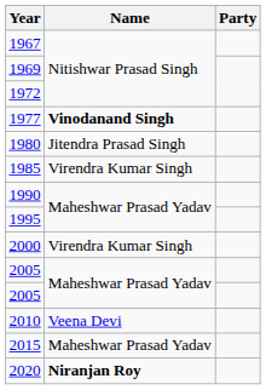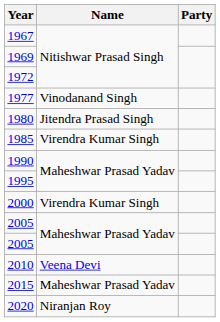 <table class="wikitable sortable">
 <tr>
 <th>Year</th>
 <th>Name</th>
 <th colspan="2">Party</th>
 </tr>
 <tr>
 <td><a href='#'>1967</a></td>
 <td rowspan="3">Nitishwar Prasad Singh</td>
 <td></td>
 </tr>
 <tr>
 <td><a href='#'>1969</a></td>
 </tr>
 <tr>
 <td><a href='#'>1972</a></td>
 </tr>
 <tr>
 <td><a href='#'>1977</a></td>
-<td><strong>Vinodanand Singh</strong></td>
+<td>Vinodanand Singh</td>
 <td></td>
 </tr>
 <tr>
 <td><a href='#'>1980</a></td>
 <td>Jitendra Prasad Singh</td>
 <td></td>
 </tr>
 <tr>
 <td><a href='#'>1985</a></td>
 <td>Virendra Kumar Singh</td>
 <td></td>
 </tr>
 <tr>
 <td><a href='#'>1990</a></td>
 <td rowspan="2">Maheshwar Prasad Yadav</td>
 <td></td>
 </tr>
 <tr>
 <td><a href='#'>1995</a></td>
 <td></td>
 </tr>
 <tr>
 <td><a href='#'>2000</a></td>
 <td>Virendra Kumar Singh</td>
 <td></td>
 </tr>
 <tr>
 <td><a href='#'>2005</a></td>
 <td rowspan="2">Maheshwar Prasad Yadav</td>
 <td></td>
 </tr>
 <tr>
 <td><a href='#'>2005</a></td>
 </tr>
 <tr>
 <td><a href='#'>2010</a></td>
 <td><a href='#'>Veena Devi</a></td>
 <td></td>
 </tr>
 <tr>
 <td><a href='#'>2015</a></td>
 <td>Maheshwar Prasad Yadav</td>
 <td></td>
 </tr>
 <tr>
 <td><a href='#'>2020</a></td>
-<td><strong>Niranjan Roy</strong></td>
+<td>Niranjan Roy</td>
 </tr>
 </table>
